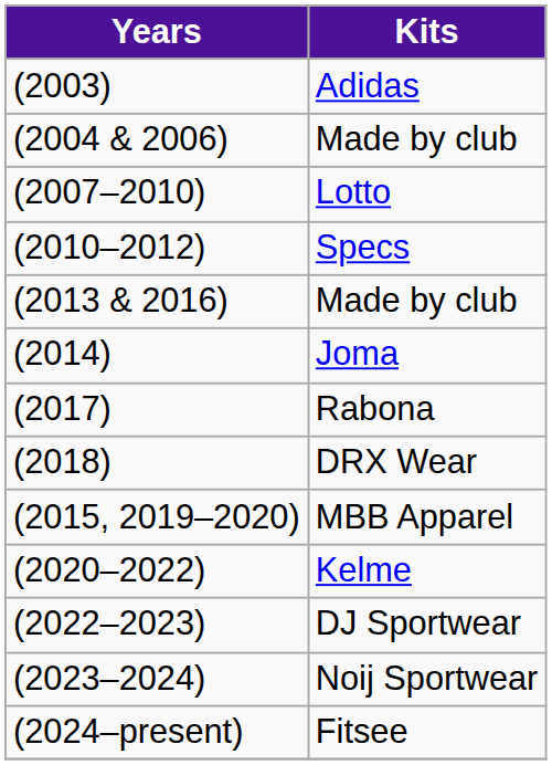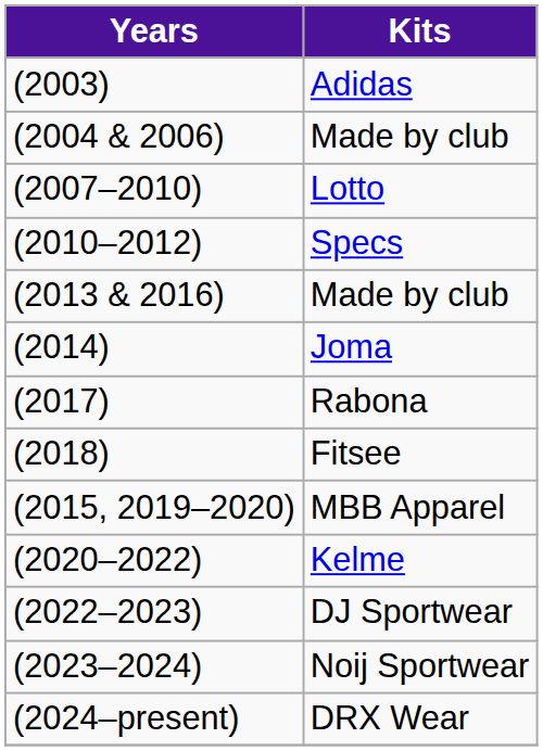 <table class="wikitable">
 <tr>
 <th style="background-color:#4B1297; color:#FFFFFF;" scope=col>Years</th>
 <th style="background-color:#4B1297; color:#FFFFFF;" scope=col>Kits</th>
 </tr>
 <tr>
 <td>(2003)</td>
 <td> <a href='#'>Adidas</a></td>
 </tr>
 <tr>
 <td>(2004 & 2006)</td>
 <td> Made by club</td>
 </tr>
 <tr>
 <td>(2007–2010)</td>
 <td> <a href='#'>Lotto</a></td>
 </tr>
 <tr>
 <td>(2010–2012)</td>
 <td> <a href='#'>Specs</a></td>
 </tr>
 <tr>
 <td>(2013 & 2016)</td>
 <td> Made by club</td>
 </tr>
 <tr>
 <td>(2014)</td>
 <td> <a href='#'>Joma</a></td>
 </tr>
 <tr>
 <td>(2017)</td>
 <td> Rabona</td>
 </tr>
 <tr>
 <td>(2018)</td>
-<td> DRX Wear</td>
+<td> Fitsee</td>
 </tr>
 <tr>
 <td>(2015, 2019–2020)</td>
 <td> MBB Apparel</td>
 </tr>
 <tr>
 <td>(2020–2022)</td>
 <td> <a href='#'>Kelme</a></td>
 </tr>
 <tr>
 <td>(2022–2023)</td>
 <td> DJ Sportwear</td>
 </tr>
 <tr>
 <td>(2023–2024)</td>
 <td> Noij Sportwear</td>
 </tr>
 <tr>
 <td>(2024–present)</td>
-<td> Fitsee</td>
+<td> DRX Wear</td>
 </tr>
 <tr>
 </tr>
 </table>
